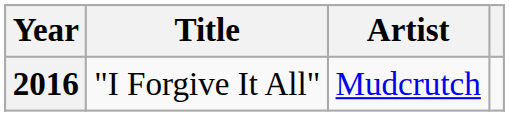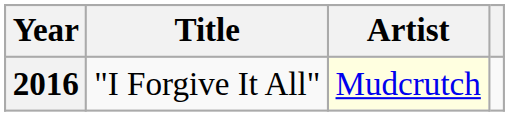 <table class="wikitable plainrowheaders" style="margin-right: 0;">
 <tr>
 <th scope="col">Year</th>
 <th scope="col">Title</th>
 <th scope="col">Artist</th>
 <th scope="col"></th>
 </tr>
 <tr>
 <th scope="row">2016</th>
 <td>"I Forgive It All"</td>
-<td><a href='#'>Mudcrutch</a></td>
+<td style="background: lightyellow;"><a href='#'>Mudcrutch</a></td>
 <td style="text-align: center;"></td>
 </tr>
 </table>
